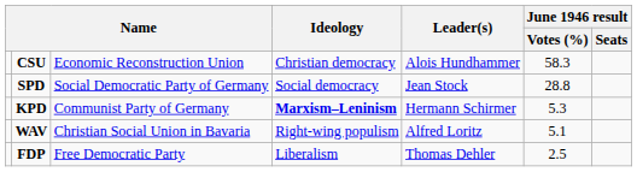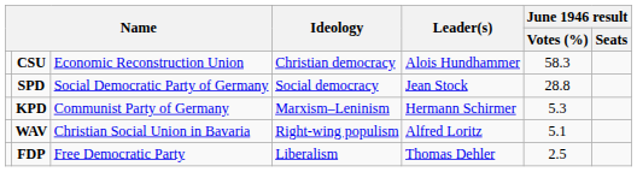 <table class="wikitable">
 <tr>
 <th rowspan=2 colspan=3>Name</th>
 <th rowspan=2>Ideology</th>
 <th rowspan=2>Leader(s)</th>
 <th colspan=2>June 1946 result</th>
 </tr>
 <tr>
 <th>Votes (%)</th>
 <th>Seats</th>
 </tr>
 <tr>
 <td bgcolor=></td>
 <td align=center><strong>CSU</strong></td>
 <td><a href='#'>Economic Reconstruction Union</a><br></td>
 <td><a href='#'>Christian democracy</a></td>
 <td><a href='#'>Alois Hundhammer</a></td>
 <td align=center>58.3</td>
 <td></td>
 </tr>
 <tr>
 <td bgcolor=></td>
 <td align=center><strong>SPD</strong></td>
 <td><a href='#'>Social Democratic Party of Germany</a><br></td>
 <td><a href='#'>Social democracy</a></td>
 <td><a href='#'>Jean Stock</a></td>
 <td align=center>28.8</td>
 <td></td>
 </tr>
 <tr>
 <td bgcolor=></td>
 <td align=center><strong>KPD</strong></td>
 <td><a href='#'>Communist Party of Germany</a><br></td>
-<td><strong><a href='#'>Marxism–Leninism</a></strong></td>
+<td><a href='#'>Marxism–Leninism</a></td>
 <td><a href='#'>Hermann Schirmer</a></td>
 <td align=center>5.3</td>
 <td></td>
 </tr>
 <tr>
 <td bgcolor=></td>
 <td align=center><strong>WAV</strong></td>
 <td><a href='#'>Christian Social Union in Bavaria</a><br></td>
 <td><a href='#'>Right-wing populism</a></td>
 <td><a href='#'>Alfred Loritz</a></td>
 <td align=center>5.1</td>
 <td></td>
 </tr>
 <tr>
 <td bgcolor=></td>
 <td align=center><strong>FDP</strong></td>
 <td><a href='#'>Free Democratic Party</a><br></td>
 <td><a href='#'>Liberalism</a></td>
 <td><a href='#'>Thomas Dehler</a></td>
 <td align=center>2.5</td>
 <td></td>
 </tr>
 </table>
